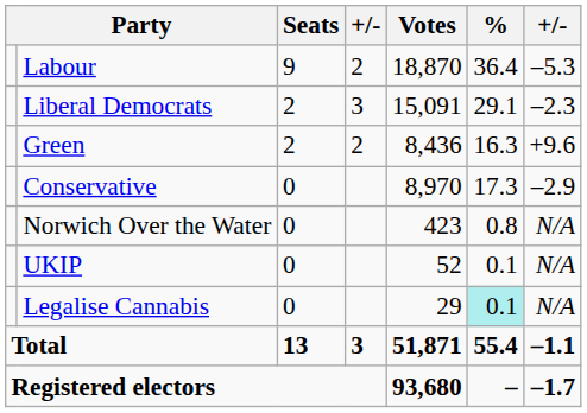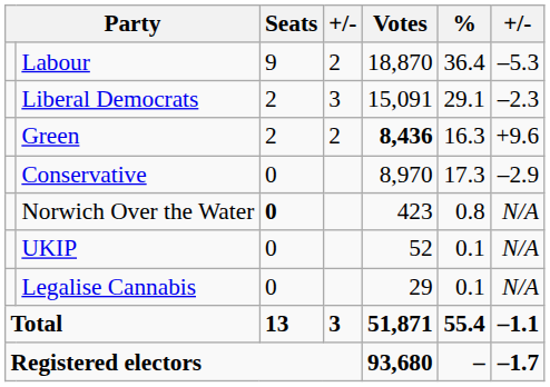 <table class="wikitable sortable">
 <tr>
 <th colspan="2">Party</th>
 <th>Seats</th>
 <th>+/-</th>
 <th>Votes</th>
 <th>%</th>
 <th>+/-</th>
 </tr>
 <tr>
 <td style="background-color: "></td>
 <td><a href='#'>Labour</a></td>
 <td>9</td>
 <td> 2</td>
 <td style="text-align:right;">18,870</td>
 <td style="text-align:right;">36.4</td>
 <td style="text-align:right;">–5.3</td>
 </tr>
 <tr>
 <td style="background-color: "></td>
 <td><a href='#'>Liberal Democrats</a></td>
 <td>2</td>
 <td> 3</td>
 <td style="text-align:right;">15,091</td>
 <td style="text-align:right;">29.1</td>
 <td style="text-align:right;">–2.3</td>
 </tr>
 <tr>
 <td style="background-color: "></td>
 <td><a href='#'>Green</a></td>
 <td>2</td>
 <td> 2</td>
-<td style="text-align:right;">8,436</td>
+<td style="text-align:right;"><strong>8,436</strong></td>
 <td style="text-align:right;">16.3</td>
 <td style="text-align:right;">+9.6</td>
 </tr>
 <tr>
 <td style="background-color: "></td>
 <td><a href='#'>Conservative</a></td>
 <td>0</td>
 <td></td>
 <td style="text-align:right;">8,970</td>
 <td style="text-align:right;">17.3</td>
 <td style="text-align:right;">–2.9</td>
 </tr>
 <tr>
 <td style="background-color: "></td>
 <td>Norwich Over the Water</td>
-<td>0</td>
+<td><strong>0</strong></td>
 <td></td>
 <td style="text-align:right;">423</td>
 <td style="text-align:right;">0.8</td>
 <td style="text-align:right;"><em>N/A</em></td>
 </tr>
 <tr>
 <td style="background-color: "></td>
 <td><a href='#'>UKIP</a></td>
 <td>0</td>
 <td></td>
 <td style="text-align:right;">52</td>
 <td style="text-align:right;">0.1</td>
 <td style="text-align:right;"><em>N/A</em></td>
 </tr>
 <tr>
 <td style="background-color: "></td>
 <td><a href='#'>Legalise Cannabis</a></td>
 <td>0</td>
 <td></td>
 <td style="text-align:right;">29</td>
-<td style="background: paleturquoise; text-align:right;">0.1</td>
+<td style="text-align:right;">0.1</td>
 <td style="text-align:right;"><em>N/A</em></td>
 </tr>
 <tr>
 <td colspan="2"><strong>Total</strong></td>
 <td><strong>13</strong></td>
 <td> <strong>3</strong></td>
 <td style="text-align:right;"><strong>51,871</strong></td>
 <td style="text-align:right;"><strong>55.4</strong></td>
 <td style="text-align:right;"><strong>–1.1</strong></td>
 </tr>
 <tr>
 <td colspan="4"><strong>Registered electors</strong></td>
 <td style="text-align:right;"><strong>93,680</strong></td>
 <td style="text-align:right;"><strong>–</strong></td>
 <td style="text-align:right;"><strong>–1.7</strong></td>
 </tr>
 </table>
